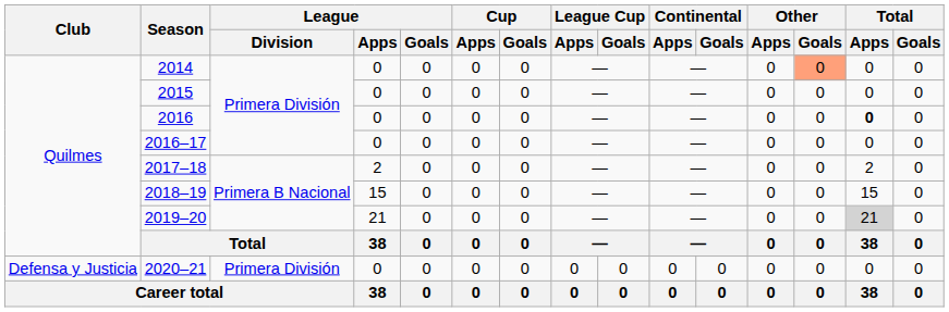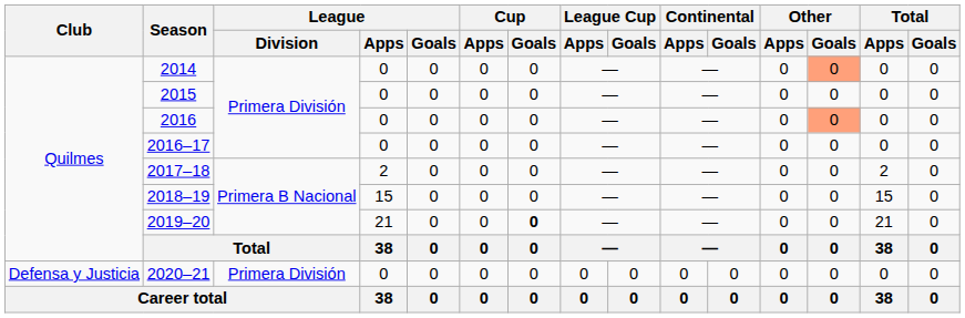 <table class="wikitable" style="text-align:center">
 <tr>
 <th rowspan="2">Club</th>
 <th rowspan="2">Season</th>
 <th colspan="3">League</th>
 <th colspan="2">Cup</th>
 <th colspan="2">League Cup</th>
 <th colspan="2">Continental</th>
 <th colspan="2">Other</th>
 <th colspan="2">Total</th>
 </tr>
 <tr>
 <th>Division</th>
 <th>Apps</th>
 <th>Goals</th>
 <th>Apps</th>
 <th>Goals</th>
 <th>Apps</th>
 <th>Goals</th>
 <th>Apps</th>
 <th>Goals</th>
 <th>Apps</th>
 <th>Goals</th>
 <th>Apps</th>
 <th>Goals</th>
 </tr>
 <tr>
 <td rowspan="8"><a href='#'>Quilmes</a></td>
 <td><a href='#'>2014</a></td>
 <td rowspan="4"><a href='#'>Primera División</a></td>
 <td>0</td>
 <td>0</td>
 <td>0</td>
 <td>0</td>
 <td colspan="2">—</td>
 <td colspan="2">—</td>
 <td>0</td>
 <td style="background: lightsalmon;">0</td>
 <td>0</td>
 <td>0</td>
 </tr>
 <tr>
 <td><a href='#'>2015</a></td>
 <td>0</td>
 <td>0</td>
 <td>0</td>
 <td>0</td>
 <td colspan="2">—</td>
 <td colspan="2">—</td>
 <td>0</td>
 <td>0</td>
 <td>0</td>
 <td>0</td>
 </tr>
 <tr>
 <td><a href='#'>2016</a></td>
 <td>0</td>
 <td>0</td>
 <td>0</td>
 <td>0</td>
 <td colspan="2">—</td>
 <td colspan="2">—</td>
 <td>0</td>
+<td style="background: lightsalmon;">0</td>
 <td>0</td>
-<td><strong>0</strong></td>
 <td>0</td>
 </tr>
 <tr>
 <td><a href='#'>2016–17</a></td>
 <td>0</td>
 <td>0</td>
 <td>0</td>
 <td>0</td>
 <td colspan="2">—</td>
 <td colspan="2">—</td>
 <td>0</td>
 <td>0</td>
 <td>0</td>
 <td>0</td>
 </tr>
 <tr>
 <td><a href='#'>2017–18</a></td>
 <td rowspan="3"><a href='#'>Primera B Nacional</a></td>
 <td>2</td>
 <td>0</td>
 <td>0</td>
 <td>0</td>
 <td colspan="2">—</td>
 <td colspan="2">—</td>
 <td>0</td>
 <td>0</td>
 <td>2</td>
 <td>0</td>
 </tr>
 <tr>
 <td><a href='#'>2018–19</a></td>
 <td>15</td>
 <td>0</td>
 <td>0</td>
 <td>0</td>
 <td colspan="2">—</td>
 <td colspan="2">—</td>
 <td>0</td>
 <td>0</td>
 <td>15</td>
 <td>0</td>
 </tr>
 <tr>
 <td><a href='#'>2019–20</a></td>
 <td>21</td>
 <td>0</td>
 <td>0</td>
-<td>0</td>
+<td><strong>0</strong></td>
 <td colspan="2">—</td>
 <td colspan="2">—</td>
 <td>0</td>
 <td>0</td>
-<td style="background: lightgrey;">21</td>
+<td>21</td>
 <td>0</td>
 </tr>
 <tr>
 <th colspan="2">Total</th>
 <th>38</th>
 <th>0</th>
 <th>0</th>
 <th>0</th>
 <th colspan="2">—</th>
 <th colspan="2">—</th>
 <th>0</th>
 <th>0</th>
 <th>38</th>
 <th>0</th>
 </tr>
 <tr>
 <td rowspan="1"><a href='#'>Defensa y Justicia</a></td>
 <td><a href='#'>2020–21</a></td>
 <td rowspan="1"><a href='#'>Primera División</a></td>
 <td>0</td>
 <td>0</td>
 <td>0</td>
 <td>0</td>
 <td>0</td>
 <td>0</td>
 <td>0</td>
 <td>0</td>
 <td>0</td>
 <td>0</td>
 <td>0</td>
 <td>0</td>
 </tr>
 <tr>
 <th colspan="3">Career total</th>
 <th>38</th>
 <th>0</th>
 <th>0</th>
 <th>0</th>
 <th>0</th>
 <th>0</th>
 <th>0</th>
 <th>0</th>
 <th>0</th>
 <th>0</th>
 <th>38</th>
 <th>0</th>
 </tr>
 </table>
